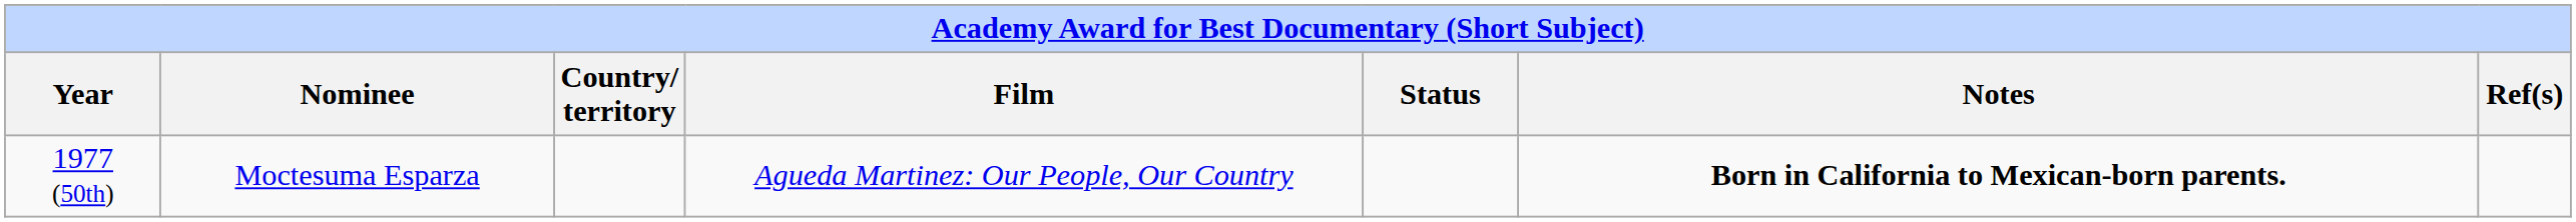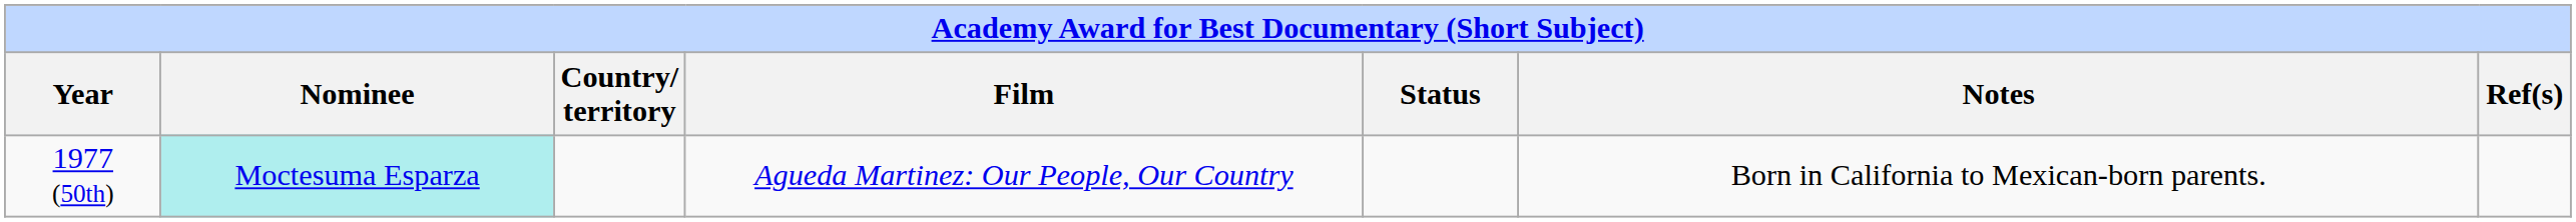 <table class="wikitable" style="text-align: center">
 <tr style="background:#bfd7ff;">
 <td colspan="7" style="text-align:center;"><strong><a href='#'>Academy Award for Best Documentary (Short Subject)</a></strong></td>
 </tr>
 <tr style="background:#ebf5ff;">
 <th style="width:75px;">Year</th>
 <th style="width:200px;">Nominee</th>
 <th style="width:50px;">Country/<br>territory</th>
 <th style="width:350px;">Film</th>
 <th style="width:75px;">Status</th>
 <th style="width:500px;">Notes</th>
 <th width="3">Ref(s)</th>
 </tr>
 <tr>
 <td style="text-align: center"><a href='#'>1977</a><br><small>(<a href='#'>50th</a>)</small></td>
-<td><a href='#'>Moctesuma Esparza</a></td>
+<td style="background: paleturquoise;"><a href='#'>Moctesuma Esparza</a></td>
 <td><div></div></td>
 <td><em><a href='#'>Agueda Martinez: Our People, Our Country</a></em></td>
 <td></td>
-<td><strong>Born in California to Mexican-born parents.</strong></td>
+<td>Born in California to Mexican-born parents.</td>
 <td style="text-align: center"></td>
 </tr>
 </table>
